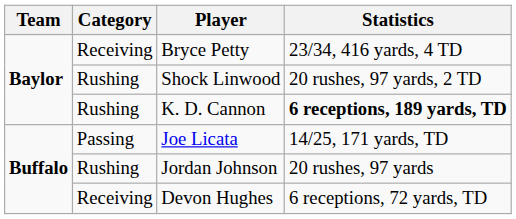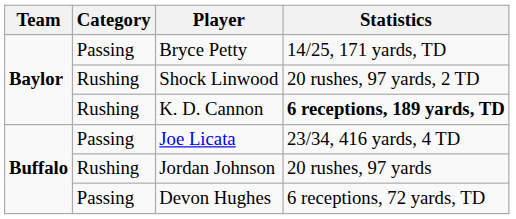 <table class="wikitable" style="float: left;">
 <tr>
 <th>Team</th>
 <th>Category</th>
 <th>Player</th>
 <th>Statistics</th>
 </tr>
 <tr>
 <td rowspan=3><strong>Baylor</strong></td>
-<td>Receiving</td>
+<td>Passing</td>
 <td>Bryce Petty</td>
-<td>23/34, 416 yards, 4 TD</td>
+<td>14/25, 171 yards, TD</td>
 </tr>
 <tr>
 <td>Rushing</td>
 <td>Shock Linwood</td>
 <td>20 rushes, 97 yards, 2 TD</td>
 </tr>
 <tr>
 <td>Rushing</td>
 <td>K. D. Cannon</td>
 <td><strong>6 receptions, 189 yards, TD</strong></td>
 </tr>
 <tr>
 <td rowspan=3><strong>Buffalo</strong></td>
 <td>Passing</td>
 <td><a href='#'>Joe Licata</a></td>
-<td>14/25, 171 yards, TD</td>
+<td>23/34, 416 yards, 4 TD</td>
 </tr>
 <tr>
 <td>Rushing</td>
 <td>Jordan Johnson</td>
 <td>20 rushes, 97 yards</td>
 </tr>
 <tr>
-<td>Receiving</td>
+<td>Passing</td>
 <td>Devon Hughes</td>
 <td>6 receptions, 72 yards, TD</td>
 </tr>
 </table>
